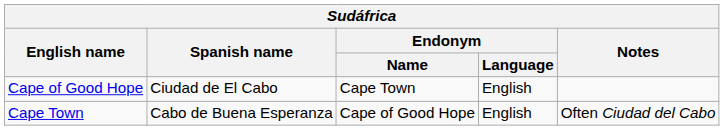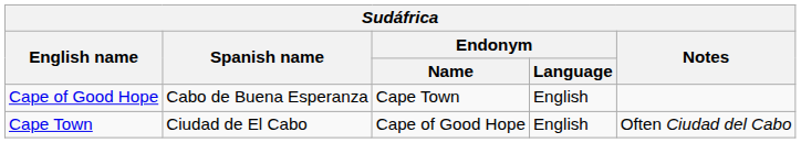 <table class="wikitable sortable">
 <tr>
 <th colspan="5"> <em>Sudáfrica</em></th>
 </tr>
 <tr>
 <th rowspan="2">English name</th>
 <th rowspan="2">Spanish name</th>
 <th colspan="2">Endonym</th>
 <th rowspan="2">Notes</th>
 </tr>
 <tr>
 <th>Name</th>
 <th>Language</th>
 </tr>
 <tr>
 <td><a href='#'>Cape of Good Hope</a></td>
-<td>Ciudad de El Cabo</td>
+<td>Cabo de Buena Esperanza</td>
 <td>Cape Town</td>
 <td>English</td>
 <td></td>
 </tr>
 <tr>
 <td><a href='#'>Cape Town</a></td>
-<td>Cabo de Buena Esperanza</td>
+<td>Ciudad de El Cabo</td>
 <td>Cape of Good Hope</td>
 <td>English</td>
 <td>Often <em>Ciudad del Cabo</em></td>
 </tr>
 </table>
